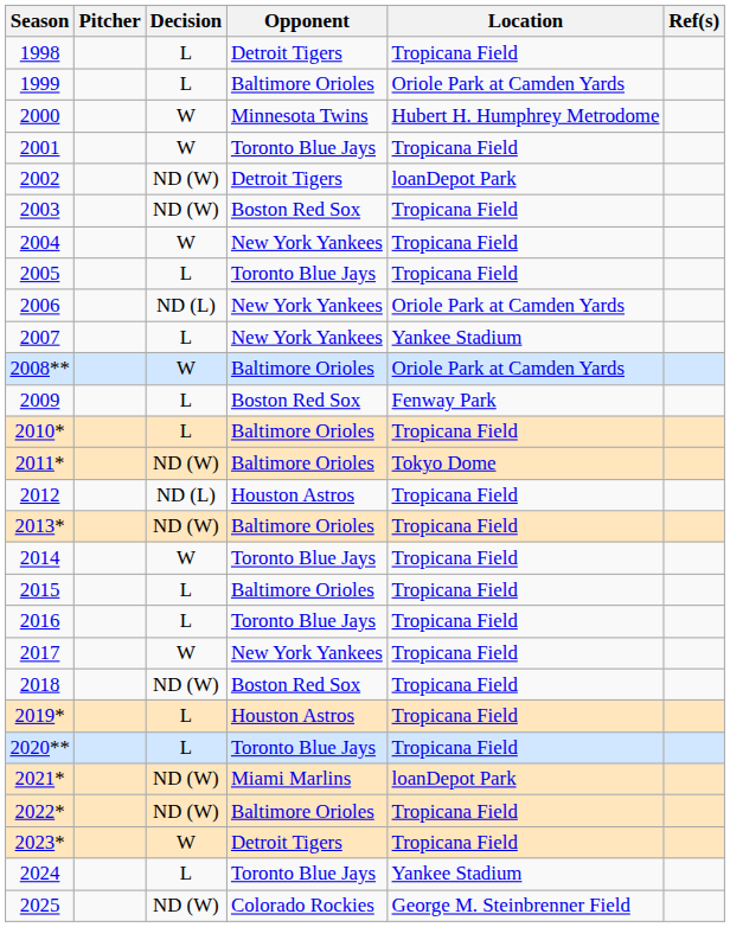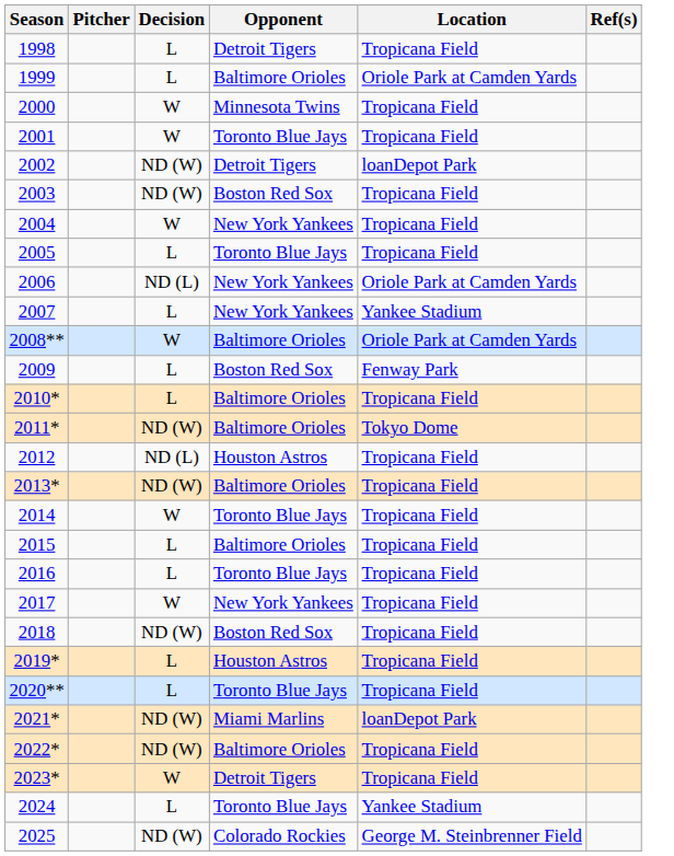 <table class="wikitable sortable plainrowheaders">
 <tr>
 <th scope="col">Season</th>
 <th scope="col">Pitcher</th>
 <th scope="col">Decision</th>
 <th scope="col">Opponent</th>
 <th scope="col">Location</th>
 <th class="unsortable">Ref(s)</th>
 </tr>
 <tr>
 <td align="center"><a href='#'>1998</a></td>
 <td></td>
 <td align="center">L</td>
 <td><a href='#'>Detroit Tigers</a></td>
 <td><a href='#'>Tropicana Field</a></td>
 <td align="center"></td>
 </tr>
 <tr>
 <td align="center"><a href='#'>1999</a></td>
 <td> </td>
 <td align="center">L</td>
 <td><a href='#'>Baltimore Orioles</a></td>
 <td><a href='#'>Oriole Park at Camden Yards</a></td>
 <td align="center"></td>
 </tr>
 <tr>
 <td align="center"><a href='#'>2000</a></td>
 <td></td>
 <td align="center">W</td>
 <td><a href='#'>Minnesota Twins</a></td>
-<td><a href='#'>Hubert H. Humphrey Metrodome</a></td>
+<td><a href='#'>Tropicana Field</a></td>
 <td align="center"></td>
 </tr>
 <tr>
 <td align="center"><a href='#'>2001</a></td>
 <td></td>
 <td align="center">W</td>
 <td><a href='#'>Toronto Blue Jays</a></td>
 <td><a href='#'>Tropicana Field</a></td>
 <td align="center"></td>
 </tr>
 <tr>
 <td align="center"><a href='#'>2002</a></td>
 <td></td>
 <td align="center">ND (W)</td>
 <td><a href='#'>Detroit Tigers</a></td>
 <td><a href='#'>loanDepot Park</a></td>
 <td align="center"></td>
 </tr>
 <tr>
 <td align="center"><a href='#'>2003</a></td>
 <td></td>
 <td align="center">ND (W)</td>
 <td><a href='#'>Boston Red Sox</a></td>
 <td><a href='#'>Tropicana Field</a></td>
 <td align="center"></td>
 </tr>
 <tr>
 <td align="center"><a href='#'>2004</a></td>
 <td></td>
 <td align="center">W</td>
 <td><a href='#'>New York Yankees</a></td>
 <td><a href='#'>Tropicana Field</a></td>
 <td align="center"></td>
 </tr>
 <tr>
 <td align="center"><a href='#'>2005</a></td>
 <td></td>
 <td align="center">L</td>
 <td><a href='#'>Toronto Blue Jays</a></td>
 <td><a href='#'>Tropicana Field</a></td>
 <td align="center"></td>
 </tr>
 <tr>
 <td align="center"><a href='#'>2006</a></td>
 <td></td>
 <td align="center">ND (L)</td>
 <td><a href='#'>New York Yankees</a></td>
 <td><a href='#'>Oriole Park at Camden Yards</a></td>
 <td align="center"></td>
 </tr>
 <tr>
 <td align="center"><a href='#'>2007</a></td>
 <td> </td>
 <td align="center">L</td>
 <td><a href='#'>New York Yankees</a></td>
 <td><a href='#'>Yankee Stadium</a></td>
 <td align="center"></td>
 </tr>
 <tr style="background-color: #D0E7FF">
 <td align="center"><a href='#'>2008</a>**</td>
 <td></td>
 <td align="center">W</td>
 <td><a href='#'>Baltimore Orioles</a></td>
 <td><a href='#'>Oriole Park at Camden Yards</a></td>
 <td align="center"></td>
 </tr>
 <tr>
 <td align="center"><a href='#'>2009</a></td>
 <td> </td>
 <td align="center">L</td>
 <td><a href='#'>Boston Red Sox</a></td>
 <td><a href='#'>Fenway Park</a></td>
 <td align="center"></td>
 </tr>
 <tr style="background-color: #FFE6BD">
 <td align="center"><a href='#'>2010</a>*</td>
 <td> </td>
 <td align="center">L</td>
 <td><a href='#'>Baltimore Orioles</a></td>
 <td><a href='#'>Tropicana Field</a></td>
 <td align="center"></td>
 </tr>
 <tr style="background-color: #FFE6BD">
 <td align="center"><a href='#'>2011</a>*</td>
 <td></td>
 <td align="center">ND (W)</td>
 <td><a href='#'>Baltimore Orioles</a></td>
 <td><a href='#'>Tokyo Dome</a></td>
 <td align="center"></td>
 </tr>
 <tr>
 <td align="center"><a href='#'>2012</a></td>
 <td> </td>
 <td align="center">ND (L)</td>
 <td><a href='#'>Houston Astros</a></td>
 <td><a href='#'>Tropicana Field</a></td>
 <td align="center"></td>
 </tr>
 <tr style="background-color: #FFE6BD">
 <td align="center"><a href='#'>2013</a>*</td>
 <td> </td>
 <td align="center">ND (W)</td>
 <td><a href='#'>Baltimore Orioles</a></td>
 <td><a href='#'>Tropicana Field</a></td>
 <td align="center"></td>
 </tr>
 <tr>
 <td align="center"><a href='#'>2014</a></td>
 <td> </td>
 <td align="center">W</td>
 <td><a href='#'>Toronto Blue Jays</a></td>
 <td><a href='#'>Tropicana Field</a></td>
 <td align="center"></td>
 </tr>
 <tr>
 <td align="center"><a href='#'>2015</a></td>
 <td></td>
 <td align="center">L</td>
 <td><a href='#'>Baltimore Orioles</a></td>
 <td><a href='#'>Tropicana Field</a></td>
 <td align="center"></td>
 </tr>
 <tr>
 <td align="center"><a href='#'>2016</a></td>
 <td> </td>
 <td align="center">L</td>
 <td><a href='#'>Toronto Blue Jays</a></td>
 <td><a href='#'>Tropicana Field</a></td>
 <td align="center"></td>
 </tr>
 <tr>
 <td align="center"><a href='#'>2017</a></td>
 <td> </td>
 <td align="center">W</td>
 <td><a href='#'>New York Yankees</a></td>
 <td><a href='#'>Tropicana Field</a></td>
 <td align="center"></td>
 </tr>
 <tr>
 <td align="center"><a href='#'>2018</a></td>
 <td> </td>
 <td align="center">ND (W)</td>
 <td><a href='#'>Boston Red Sox</a></td>
 <td><a href='#'>Tropicana Field</a></td>
 <td align="center"></td>
 </tr>
 <tr style="background-color: #FFE6BD">
 <td align="center"><a href='#'>2019</a>*</td>
 <td></td>
 <td align="center">L</td>
 <td><a href='#'>Houston Astros</a></td>
 <td><a href='#'>Tropicana Field</a></td>
 <td align="center"></td>
 </tr>
 <tr style="background-color: #D0E7FF">
 <td align="center"><a href='#'>2020</a>**</td>
 <td></td>
 <td align="center">L</td>
 <td><a href='#'>Toronto Blue Jays</a></td>
 <td><a href='#'>Tropicana Field</a></td>
 <td align="center"></td>
 </tr>
 <tr style="background-color: #FFE6BD">
 <td align="center"><a href='#'>2021</a>*</td>
 <td></td>
 <td align="center">ND (W)</td>
 <td><a href='#'>Miami Marlins</a></td>
 <td><a href='#'>loanDepot Park</a></td>
 <td align="center"></td>
 </tr>
 <tr style="background-color: #FFE6BD">
 <td align="center"><a href='#'>2022</a>*</td>
 <td></td>
 <td align="center">ND (W)</td>
 <td><a href='#'>Baltimore Orioles</a></td>
 <td><a href='#'>Tropicana Field</a></td>
 <td align="center"></td>
 </tr>
 <tr style="background-color: #FFE6BD">
 <td align="center"><a href='#'>2023</a>*</td>
 <td> </td>
 <td align="center">W</td>
 <td><a href='#'>Detroit Tigers</a></td>
 <td><a href='#'>Tropicana Field</a></td>
 <td align="center"></td>
 </tr>
 <tr>
 <td align="center"><a href='#'>2024</a></td>
 <td></td>
 <td align="center">L</td>
 <td><a href='#'>Toronto Blue Jays</a></td>
 <td><a href='#'>Yankee Stadium</a></td>
 <td align="center"></td>
 </tr>
 <tr>
 <td align="center"><a href='#'>2025</a></td>
 <td></td>
 <td align="center">ND (W)</td>
 <td><a href='#'>Colorado Rockies</a></td>
 <td><a href='#'>George M. Steinbrenner Field</a></td>
 <td align="center"></td>
 </tr>
 </table>
